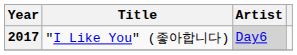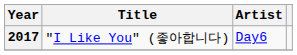 <table class="wikitable sortable plainrowheaders">
 <tr>
 <th>Year</th>
 <th>Title</th>
 <th>Artist</th>
 <th scope="col" class="unsortable"></th>
 </tr>
 <tr>
 <th scope="row">2017</th>
 <td>"<a href='#'>I Like You</a>" (좋아합니다)</td>
-<td style="background: lightgrey;"><a href='#'>Day6</a></td>
+<td><a href='#'>Day6</a></td>
 <td></td>
 </tr>
 <tr>
 </tr>
 </table>
